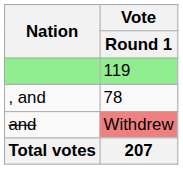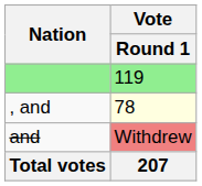 <table class="wikitable"; text-align:center">
 <tr>
 <th rowspan="2">Nation</th>
 <th colspan="2">Vote</th>
 </tr>
 <tr>
 <th>Round 1</th>
 </tr>
 <tr style="background:#90ee90">
 <td align=left></td>
 <td>119</td>
 </tr>
 <tr>
 <td align=left>,  and </td>
-<td>78</td>
+<td style="background: lightyellow;">78</td>
 </tr>
 <tr>
 <td align=left><s> and </s></td>
 <td style="background:#f08080">Withdrew</td>
 </tr>
 <tr>
 <th align=left>Total votes</th>
 <th>207</th>
 </tr>
 </table>
